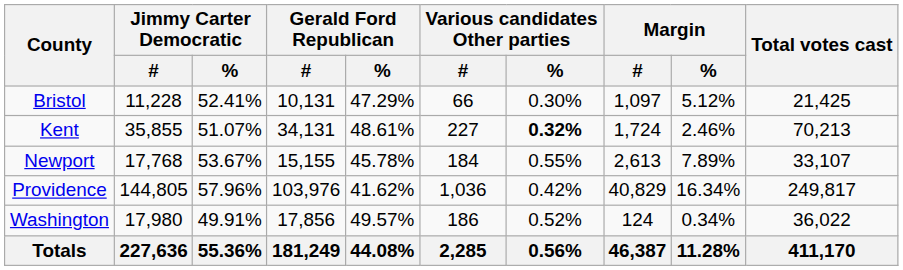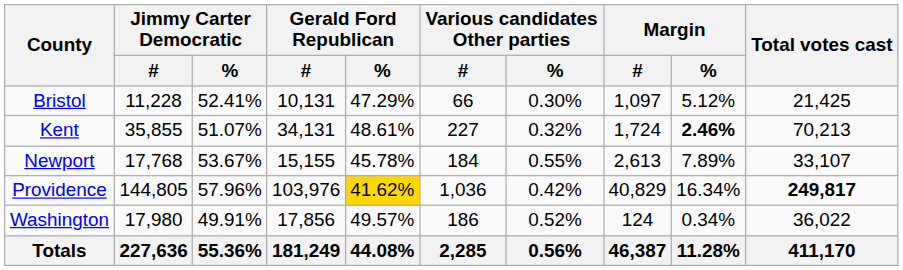 <table width="60%"  class="wikitable sortable" style="text-align:center">
 <tr>
 <th style="text-align:center;" rowspan="2">County</th>
 <th style="text-align:center;" colspan="2">Jimmy Carter<br>Democratic</th>
 <th style="text-align:center;" colspan="2">Gerald Ford<br>Republican</th>
 <th style="text-align:center;" colspan="2">Various candidates<br>Other parties</th>
 <th style="text-align:center;" colspan="2">Margin</th>
 <th style="text-align:center;" rowspan="2">Total votes cast</th>
 </tr>
 <tr>
 <th style="text-align:center;" data-sort-type="number">#</th>
 <th style="text-align:center;" data-sort-type="number">%</th>
 <th style="text-align:center;" data-sort-type="number">#</th>
 <th style="text-align:center;" data-sort-type="number">%</th>
 <th style="text-align:center;" data-sort-type="number">#</th>
 <th style="text-align:center;" data-sort-type="number">%</th>
 <th style="text-align:center;" data-sort-type="number">#</th>
 <th style="text-align:center;" data-sort-type="number">%</th>
 </tr>
 <tr style="text-align:center;">
 <td><a href='#'>Bristol</a></td>
 <td>11,228</td>
 <td>52.41%</td>
 <td>10,131</td>
 <td>47.29%</td>
 <td>66</td>
 <td>0.30%</td>
 <td>1,097</td>
 <td>5.12%</td>
 <td>21,425</td>
 </tr>
 <tr style="text-align:center;">
 <td><a href='#'>Kent</a></td>
 <td>35,855</td>
 <td>51.07%</td>
 <td>34,131</td>
 <td>48.61%</td>
 <td>227</td>
-<td><strong>0.32%</strong></td>
+<td>0.32%</td>
 <td>1,724</td>
-<td>2.46%</td>
+<td><strong>2.46%</strong></td>
 <td>70,213</td>
 </tr>
 <tr style="text-align:center;">
 <td><a href='#'>Newport</a></td>
 <td>17,768</td>
 <td>53.67%</td>
 <td>15,155</td>
 <td>45.78%</td>
 <td>184</td>
 <td>0.55%</td>
 <td>2,613</td>
 <td>7.89%</td>
 <td>33,107</td>
 </tr>
 <tr style="text-align:center;">
 <td><a href='#'>Providence</a></td>
 <td>144,805</td>
 <td>57.96%</td>
 <td>103,976</td>
-<td>41.62%</td>
+<td style="background: gold;">41.62%</td>
 <td>1,036</td>
 <td>0.42%</td>
 <td>40,829</td>
 <td>16.34%</td>
-<td>249,817</td>
+<td><strong>249,817</strong></td>
 </tr>
 <tr style="text-align:center;">
 <td><a href='#'>Washington</a></td>
 <td>17,980</td>
 <td>49.91%</td>
 <td>17,856</td>
 <td>49.57%</td>
 <td>186</td>
 <td>0.52%</td>
 <td>124</td>
 <td>0.34%</td>
 <td>36,022</td>
 </tr>
 <tr>
 <th>Totals</th>
 <th>227,636</th>
 <th>55.36%</th>
 <th>181,249</th>
 <th>44.08%</th>
 <th>2,285</th>
 <th>0.56%</th>
 <th>46,387</th>
 <th>11.28%</th>
 <th>411,170</th>
 </tr>
 </table>
